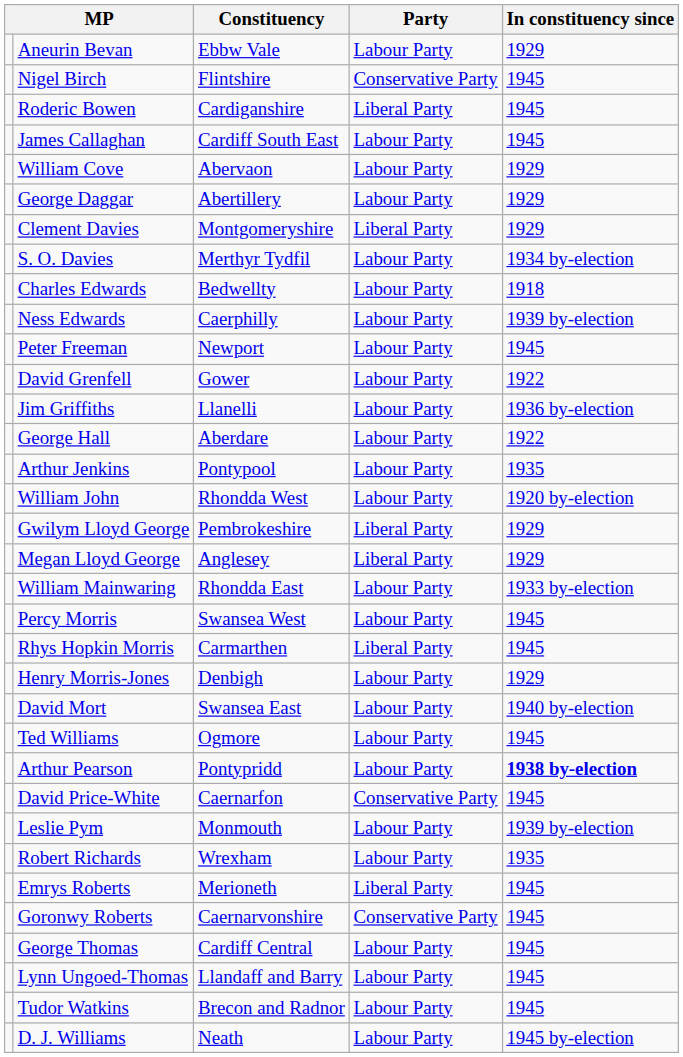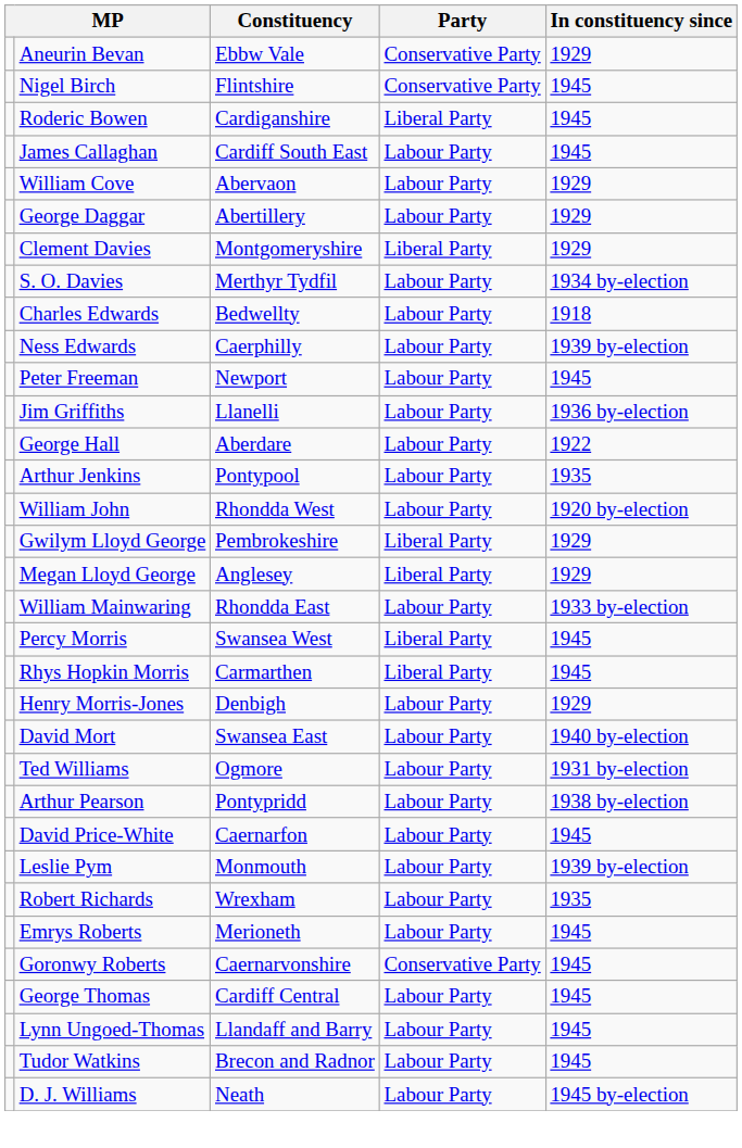 <table class="wikitable sortable">
 <tr>
 <th colspan="2">MP</th>
 <th>Constituency</th>
 <th>Party</th>
 <th>In constituency since</th>
 </tr>
 <tr>
 <td style="color:inherit;background-color: "></td>
 <td><a href='#'>Aneurin Bevan</a></td>
 <td><a href='#'>Ebbw Vale</a></td>
-<td><a href='#'>Labour Party</a></td>
+<td><a href='#'>Conservative Party</a></td>
 <td><a href='#'>1929</a></td>
 </tr>
 <tr>
 <td style="color:inherit;background-color: "></td>
 <td><a href='#'>Nigel Birch</a></td>
 <td><a href='#'>Flintshire</a></td>
 <td><a href='#'>Conservative Party</a></td>
 <td><a href='#'>1945</a></td>
 </tr>
 <tr>
 <td style="color:inherit;background-color: "></td>
 <td><a href='#'>Roderic Bowen</a></td>
 <td><a href='#'>Cardiganshire</a></td>
 <td><a href='#'>Liberal Party</a></td>
 <td><a href='#'>1945</a></td>
 </tr>
 <tr>
 <td style="color:inherit;background-color: "></td>
 <td><a href='#'>James Callaghan</a></td>
 <td><a href='#'>Cardiff South East</a></td>
 <td><a href='#'>Labour Party</a></td>
 <td><a href='#'>1945</a></td>
 </tr>
 <tr>
 <td style="color:inherit;background-color: "></td>
 <td><a href='#'>William Cove</a></td>
 <td><a href='#'>Abervaon</a></td>
 <td><a href='#'>Labour Party</a></td>
 <td><a href='#'>1929</a></td>
 </tr>
 <tr>
 <td style="color:inherit;background-color: "></td>
 <td><a href='#'>George Daggar</a></td>
 <td><a href='#'>Abertillery</a></td>
 <td><a href='#'>Labour Party</a></td>
 <td><a href='#'>1929</a></td>
 </tr>
 <tr>
 <td style="color:inherit;background-color: "></td>
 <td><a href='#'>Clement Davies</a></td>
 <td><a href='#'>Montgomeryshire</a></td>
 <td><a href='#'>Liberal Party</a></td>
 <td><a href='#'>1929</a></td>
 </tr>
 <tr>
 <td style="color:inherit;background-color: "></td>
 <td><a href='#'>S. O. Davies</a></td>
 <td><a href='#'>Merthyr Tydfil</a></td>
 <td><a href='#'>Labour Party</a></td>
 <td><a href='#'>1934 by-election</a></td>
 </tr>
 <tr>
 <td style="color:inherit;background-color: "></td>
 <td><a href='#'>Charles Edwards</a></td>
 <td><a href='#'>Bedwellty</a></td>
 <td><a href='#'>Labour Party</a></td>
 <td><a href='#'>1918</a></td>
 </tr>
 <tr>
 <td style="color:inherit;background-color: "></td>
 <td><a href='#'>Ness Edwards</a></td>
 <td><a href='#'>Caerphilly</a></td>
 <td><a href='#'>Labour Party</a></td>
 <td><a href='#'>1939 by-election</a></td>
 </tr>
 <tr>
 <td style="color:inherit;background-color: "></td>
 <td><a href='#'>Peter Freeman</a></td>
 <td><a href='#'>Newport</a></td>
 <td><a href='#'>Labour Party</a></td>
 <td><a href='#'>1945</a></td>
 </tr>
 <tr>
 <td style="color:inherit;background-color: "></td>
-<td><a href='#'>David Grenfell</a></td>
-<td><a href='#'>Gower</a></td>
-<td><a href='#'>Labour Party</a></td>
-<td><a href='#'>1922</a></td>
-</tr>
-<tr>
-<td style="color:inherit;background-color: "></td>
 <td><a href='#'>Jim Griffiths</a></td>
 <td><a href='#'>Llanelli</a></td>
 <td><a href='#'>Labour Party</a></td>
 <td><a href='#'>1936 by-election</a></td>
 </tr>
 <tr>
 <td style="color:inherit;background-color: "></td>
 <td><a href='#'>George Hall</a></td>
 <td><a href='#'>Aberdare</a></td>
 <td><a href='#'>Labour Party</a></td>
 <td><a href='#'>1922</a></td>
 </tr>
 <tr>
 <td style="color:inherit;background-color: "></td>
 <td><a href='#'>Arthur Jenkins</a></td>
 <td><a href='#'>Pontypool</a></td>
 <td><a href='#'>Labour Party</a></td>
 <td><a href='#'>1935</a></td>
 </tr>
 <tr>
 <td style="color:inherit;background-color: "></td>
 <td><a href='#'>William John</a></td>
 <td><a href='#'>Rhondda West</a></td>
 <td><a href='#'>Labour Party</a></td>
 <td><a href='#'>1920 by-election</a></td>
 </tr>
 <tr>
 <td style="color:inherit;background-color: "></td>
 <td><a href='#'>Gwilym Lloyd George</a></td>
 <td><a href='#'>Pembrokeshire</a></td>
 <td><a href='#'>Liberal Party</a></td>
 <td><a href='#'>1929</a></td>
 </tr>
 <tr>
 <td style="color:inherit;background-color: "></td>
 <td><a href='#'>Megan Lloyd George</a></td>
 <td><a href='#'>Anglesey</a></td>
 <td><a href='#'>Liberal Party</a></td>
 <td><a href='#'>1929</a></td>
 </tr>
 <tr>
 <td style="color:inherit;background-color: "></td>
 <td><a href='#'>William Mainwaring</a></td>
 <td><a href='#'>Rhondda East</a></td>
 <td><a href='#'>Labour Party</a></td>
 <td><a href='#'>1933 by-election</a></td>
 </tr>
 <tr>
 <td style="color:inherit;background-color: "></td>
 <td><a href='#'>Percy Morris</a></td>
 <td><a href='#'>Swansea West</a></td>
-<td><a href='#'>Labour Party</a></td>
+<td><a href='#'>Liberal Party</a></td>
 <td><a href='#'>1945</a></td>
 </tr>
 <tr>
 <td style="color:inherit;background-color: "></td>
 <td><a href='#'>Rhys Hopkin Morris</a></td>
 <td><a href='#'>Carmarthen</a></td>
 <td><a href='#'>Liberal Party</a></td>
 <td><a href='#'>1945</a></td>
 </tr>
 <tr>
 <td style="color:inherit;background-color: "></td>
 <td><a href='#'>Henry Morris-Jones</a></td>
 <td><a href='#'>Denbigh</a></td>
 <td><a href='#'>Labour Party</a></td>
 <td><a href='#'>1929</a></td>
 </tr>
 <tr>
 <td style="color:inherit;background-color: "></td>
 <td><a href='#'>David Mort</a></td>
 <td><a href='#'>Swansea East</a></td>
 <td><a href='#'>Labour Party</a></td>
 <td><a href='#'>1940 by-election</a></td>
 </tr>
 <tr>
 <td style="color:inherit;background-color: "></td>
 <td><a href='#'>Ted Williams</a></td>
 <td><a href='#'>Ogmore</a></td>
 <td><a href='#'>Labour Party</a></td>
-<td><a href='#'>1945</a></td>
+<td><a href='#'>1931 by-election</a></td>
 </tr>
 <tr>
 <td style="color:inherit;background-color: "></td>
 <td><a href='#'>Arthur Pearson</a></td>
 <td><a href='#'>Pontypridd</a></td>
 <td><a href='#'>Labour Party</a></td>
-<td><strong><a href='#'>1938 by-election</a></strong></td>
+<td><a href='#'>1938 by-election</a></td>
 </tr>
 <tr>
 <td style="color:inherit;background-color: "></td>
 <td><a href='#'>David Price-White</a></td>
 <td><a href='#'>Caernarfon</a></td>
-<td><a href='#'>Conservative Party</a></td>
+<td><a href='#'>Labour Party</a></td>
 <td><a href='#'>1945</a></td>
 </tr>
 <tr>
 <td style="color:inherit;background-color: "></td>
 <td><a href='#'>Leslie Pym</a></td>
 <td><a href='#'>Monmouth</a></td>
 <td><a href='#'>Labour Party</a></td>
 <td><a href='#'>1939 by-election</a></td>
 </tr>
 <tr>
 <td style="color:inherit;background-color: "></td>
 <td><a href='#'>Robert Richards</a></td>
 <td><a href='#'>Wrexham</a></td>
 <td><a href='#'>Labour Party</a></td>
 <td><a href='#'>1935</a></td>
 </tr>
 <tr>
 <td style="color:inherit;background-color: "></td>
 <td><a href='#'>Emrys Roberts</a></td>
 <td><a href='#'>Merioneth</a></td>
-<td><a href='#'>Liberal Party</a></td>
+<td><a href='#'>Labour Party</a></td>
 <td><a href='#'>1945</a></td>
 </tr>
 <tr>
 <td style="color:inherit;background-color: "></td>
 <td><a href='#'>Goronwy Roberts</a></td>
 <td><a href='#'>Caernarvonshire</a></td>
 <td><a href='#'>Conservative Party</a></td>
 <td><a href='#'>1945</a></td>
 </tr>
 <tr>
 <td style="color:inherit;background-color: "></td>
 <td><a href='#'>George Thomas</a></td>
 <td><a href='#'>Cardiff Central</a></td>
 <td><a href='#'>Labour Party</a></td>
 <td><a href='#'>1945</a></td>
 </tr>
 <tr>
 <td style="color:inherit;background-color: "></td>
 <td><a href='#'>Lynn Ungoed-Thomas</a></td>
 <td><a href='#'>Llandaff and Barry</a></td>
 <td><a href='#'>Labour Party</a></td>
 <td><a href='#'>1945</a></td>
 </tr>
 <tr>
 <td style="color:inherit;background-color: "></td>
 <td><a href='#'>Tudor Watkins</a></td>
 <td><a href='#'>Brecon and Radnor</a></td>
 <td><a href='#'>Labour Party</a></td>
 <td><a href='#'>1945</a></td>
 </tr>
 <tr>
 <td style="color:inherit;background-color: "></td>
 <td><a href='#'>D. J. Williams</a></td>
 <td><a href='#'>Neath</a></td>
 <td><a href='#'>Labour Party</a></td>
 <td><a href='#'>1945 by-election</a></td>
 </tr>
 </table>
